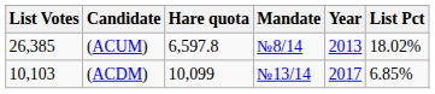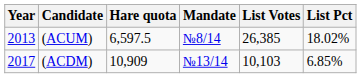 <table class="wikitable" style="margin:0.5em ; font-size:95%">
 <tr>
-<th>List Votes</th>
+<th>Year</th>
 <th>Candidate</th>
 <th>Hare quota</th>
 <th>Mandate</th>
-<th>Year</th>
+<th>List Votes</th>
 <th>List Pct</th>
 </tr>
 <tr>
+<td><a href='#'>2013</a></td>
+<td> (<a href='#'>ACUM</a>)</td>
+<td>6,597.5</td>
+<td><a href='#'>№8/14</a></td>
 <td>26,385</td>
-<td> (<a href='#'>ACUM</a>)</td>
-<td>6,597.8</td>
-<td><a href='#'>№8/14</a></td>
-<td><a href='#'>2013</a></td>
 <td>18.02%</td>
 </tr>
 <tr>
+<td><a href='#'>2017</a></td>
+<td> (<a href='#'>ACDM</a>)</td>
+<td>10,909</td>
+<td><a href='#'>№13/14</a></td>
 <td>10,103</td>
-<td> (<a href='#'>ACDM</a>)</td>
-<td>10,099</td>
-<td><a href='#'>№13/14</a></td>
-<td><a href='#'>2017</a></td>
 <td>6.85%</td>
 </tr>
 </table>
